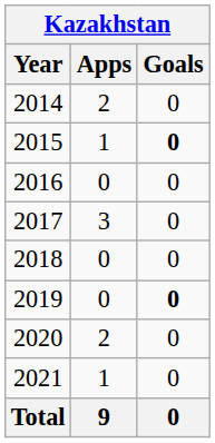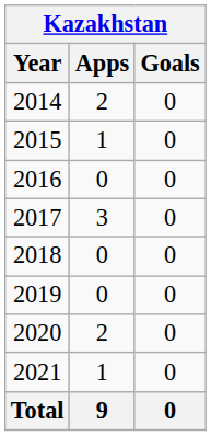 <table class="wikitable" style="text-align:center">
 <tr>
 <th colspan=3><a href='#'>Kazakhstan</a></th>
 </tr>
 <tr>
 <th>Year</th>
 <th>Apps</th>
 <th>Goals</th>
 </tr>
 <tr>
 <td>2014</td>
 <td>2</td>
 <td>0</td>
 </tr>
 <tr>
 <td>2015</td>
 <td>1</td>
-<td><strong>0</strong></td>
+<td>0</td>
 </tr>
 <tr>
 <td>2016</td>
 <td>0</td>
 <td>0</td>
 </tr>
 <tr>
 <td>2017</td>
 <td>3</td>
 <td>0</td>
 </tr>
 <tr>
 <td>2018</td>
 <td>0</td>
 <td>0</td>
 </tr>
 <tr>
 <td>2019</td>
 <td>0</td>
-<td><strong>0</strong></td>
+<td>0</td>
 </tr>
 <tr>
 <td>2020</td>
 <td>2</td>
 <td>0</td>
 </tr>
 <tr>
 <td>2021</td>
 <td>1</td>
 <td>0</td>
 </tr>
 <tr>
 <th>Total</th>
 <th>9</th>
 <th>0</th>
 </tr>
 </table>
